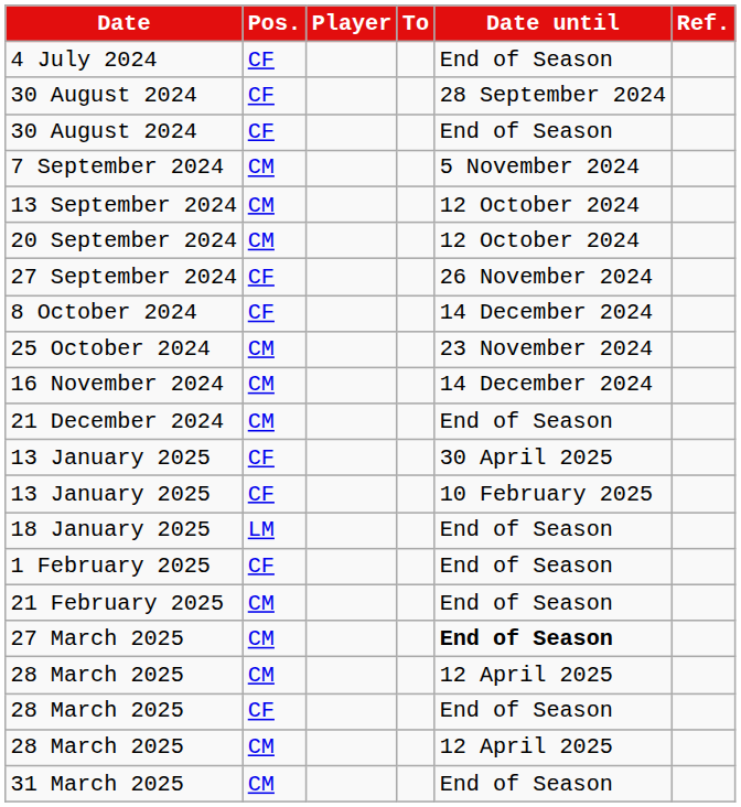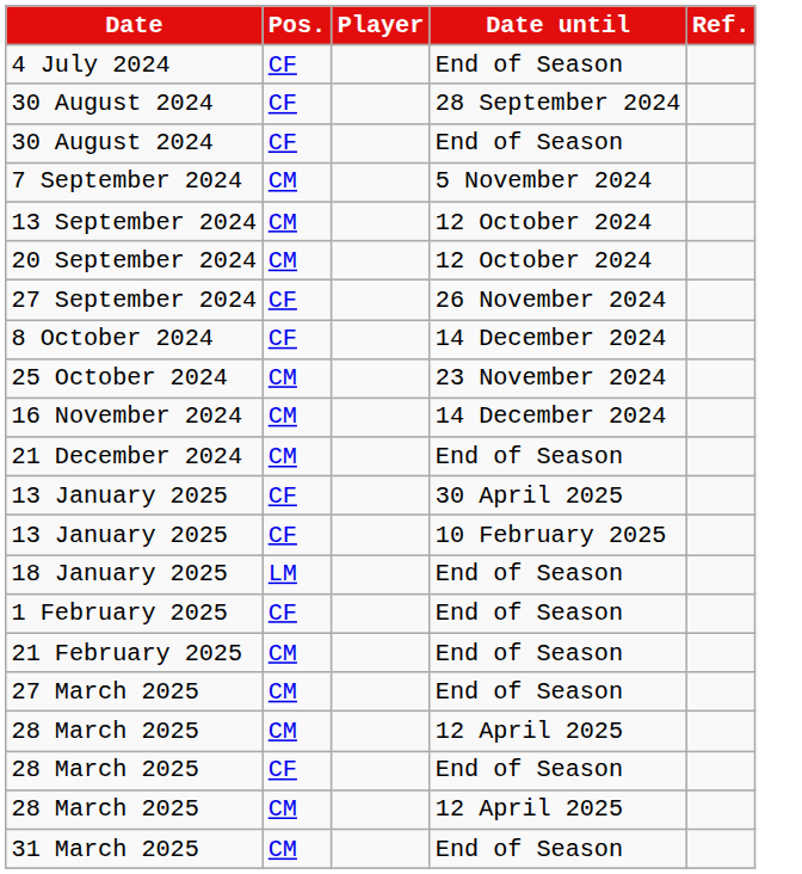 <table class="wikitable plainrowheaders sortable">
 <tr>
 <th style="background:#e20e0e;color:white;">Date</th>
 <th style="background:#e20e0e;color:white;">Pos.</th>
 <th style="background:#e20e0e;color:white;">Player</th>
-<th style="background:#e20e0e;color:white;">To</th>
 <th style="background:#e20e0e;color:white;">Date until</th>
 <th style="background:#e20e0e;color:white;">Ref.</th>
 </tr>
 <tr>
 <td>4 July 2024</td>
 <td><a href='#'>CF</a></td>
-<td></td>
 <td></td>
 <td>End of Season</td>
 <td></td>
 </tr>
 <tr>
 <td>30 August 2024</td>
 <td><a href='#'>CF</a></td>
 <td></td>
-<td></td>
 <td>28 September 2024</td>
 <td></td>
 </tr>
 <tr>
 <td>30 August 2024</td>
 <td><a href='#'>CF</a></td>
-<td></td>
 <td></td>
 <td>End of Season</td>
 <td></td>
 </tr>
 <tr>
 <td>7 September 2024</td>
 <td><a href='#'>CM</a></td>
 <td></td>
-<td></td>
 <td>5 November 2024</td>
 <td></td>
 </tr>
 <tr>
 <td>13 September 2024</td>
 <td><a href='#'>CM</a></td>
-<td></td>
 <td></td>
 <td>12 October 2024</td>
 <td></td>
 </tr>
 <tr>
 <td>20 September 2024</td>
 <td><a href='#'>CM</a></td>
 <td></td>
-<td></td>
 <td>12 October 2024</td>
 <td></td>
 </tr>
 <tr>
 <td>27 September 2024</td>
 <td><a href='#'>CF</a></td>
-<td></td>
 <td></td>
 <td>26 November 2024</td>
 <td></td>
 </tr>
 <tr>
 <td>8 October 2024</td>
 <td><a href='#'>CF</a></td>
 <td></td>
-<td></td>
 <td>14 December 2024</td>
 <td></td>
 </tr>
 <tr>
 <td>25 October 2024</td>
 <td><a href='#'>CM</a></td>
-<td></td>
 <td></td>
 <td>23 November 2024</td>
 <td></td>
 </tr>
 <tr>
 <td>16 November 2024</td>
 <td><a href='#'>CM</a></td>
 <td></td>
-<td></td>
 <td>14 December 2024</td>
 <td></td>
 </tr>
 <tr>
 <td>21 December 2024</td>
 <td><a href='#'>CM</a></td>
-<td></td>
 <td></td>
 <td>End of Season</td>
 <td></td>
 </tr>
 <tr>
 <td>13 January 2025</td>
 <td><a href='#'>CF</a></td>
 <td></td>
-<td></td>
 <td>30 April 2025</td>
 <td></td>
 </tr>
 <tr>
 <td>13 January 2025</td>
 <td><a href='#'>CF</a></td>
-<td></td>
 <td></td>
 <td>10 February 2025</td>
 <td></td>
 </tr>
 <tr>
 <td>18 January 2025</td>
 <td><a href='#'>LM</a></td>
 <td></td>
-<td></td>
 <td>End of Season</td>
 <td></td>
 </tr>
 <tr>
 <td>1 February 2025</td>
 <td><a href='#'>CF</a></td>
-<td></td>
 <td></td>
 <td>End of Season</td>
 <td></td>
 </tr>
 <tr>
 <td>21 February 2025</td>
 <td><a href='#'>CM</a></td>
 <td></td>
-<td></td>
 <td>End of Season</td>
 <td></td>
 </tr>
 <tr>
 <td>27 March 2025</td>
 <td><a href='#'>CM</a></td>
 <td></td>
-<td></td>
-<td><strong>End of Season</strong></td>
+<td>End of Season</td>
 <td></td>
 </tr>
 <tr>
 <td>28 March 2025</td>
 <td><a href='#'>CM</a></td>
-<td></td>
 <td></td>
 <td>12 April 2025</td>
 <td></td>
 </tr>
 <tr>
 <td>28 March 2025</td>
 <td><a href='#'>CF</a></td>
 <td></td>
-<td></td>
 <td>End of Season</td>
 <td></td>
 </tr>
 <tr>
 <td>28 March 2025</td>
 <td><a href='#'>CM</a></td>
-<td></td>
 <td></td>
 <td>12 April 2025</td>
 <td></td>
 </tr>
 <tr>
 <td>31 March 2025</td>
 <td><a href='#'>CM</a></td>
 <td></td>
-<td></td>
 <td>End of Season</td>
 <td></td>
 </tr>
 </table>
